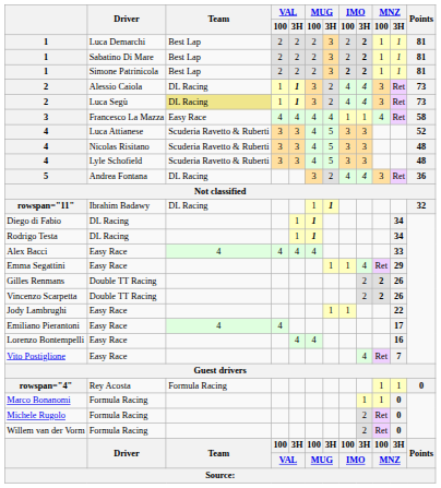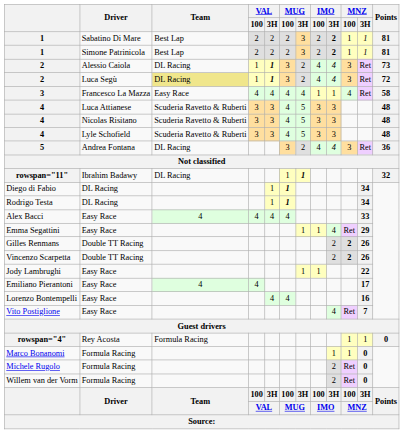 <table class="wikitable" style="font-size:85%; vertical-align:top; text-align:center">
 <tr>
 <th rowspan="2"></th>
 <th rowspan="2">Driver</th>
 <th rowspan="2">Team</th>
 <th colspan="2"><a href='#'>VAL</a><br></th>
 <th colspan="2"><a href='#'>MUG</a><br></th>
 <th colspan="2"><a href='#'>IMO</a><br></th>
 <th colspan="2"><a href='#'>MNZ</a><br></th>
 <th rowspan="2">Points</th>
 </tr>
 <tr>
 <th>100</th>
 <th>3H</th>
 <th>100</th>
 <th>3H</th>
 <th>100</th>
 <th>3H</th>
 <th>100</th>
 <th>3H</th>
 </tr>
 <tr>
 <th>1</th>
-<td style="text-align:left"> Luca Demarchi</td>
-<td style="text-align:left"> Best Lap</td>
-<td style="background:#DFDFDF">2</td>
-<td style="background:#DFDFDF">2</td>
-<td style="background:#DFDFDF">2</td>
-<td style="background:#FFDF9F">3</td>
-<td style="background:#DFDFDF">2</td>
-<td style="background:#DFDFDF"><strong>2</strong></td>
-<td style="background:#FFFFBF">1</td>
-<td style="background:#FFFFBF"><em>1</em></td>
-<th>81</th>
-</tr>
-<tr>
-<th>1</th>
 <td style="text-align:left"> Sabatino Di Mare</td>
 <td style="text-align:left"> Best Lap</td>
 <td style="background:#DFDFDF">2</td>
 <td style="background:#DFDFDF">2</td>
 <td style="background:#DFDFDF">2</td>
 <td style="background:#FFDF9F">3</td>
 <td style="background:#DFDFDF">2</td>
 <td style="background:#DFDFDF"><strong>2</strong></td>
 <td style="background:#FFFFBF">1</td>
 <td style="background:#FFFFBF"><em>1</em></td>
 <th>81</th>
 </tr>
 <tr>
 <th>1</th>
 <td style="text-align:left"> Simone Patrinicola</td>
 <td style="text-align:left"> Best Lap</td>
 <td style="background:#DFDFDF">2</td>
 <td style="background:#DFDFDF">2</td>
 <td style="background:#DFDFDF">2</td>
 <td style="background:#FFDF9F">3</td>
-<td style="background:#DFDFDF"><strong>2</strong></td>
+<td style="background:#DFDFDF">2</td>
 <td style="background:#DFDFDF"><strong>2</strong></td>
 <td style="background:#FFFFBF">1</td>
 <td style="background:#FFFFBF"><em>1</em></td>
 <th>81</th>
 </tr>
 <tr>
 <th>2</th>
 <td style="text-align:left"> Alessio Caiola</td>
 <td style="text-align:left"> DL Racing</td>
 <td style="background:#FFFFBF">1</td>
 <td style="background:#FFFFBF"><strong><em>1</em></strong></td>
 <td style="background:#FFDF9F">3</td>
 <td style="background:#DFDFDF">2</td>
 <td style="background:#DFFFDF">4</td>
 <td style="background:#DFFFDF"><em>4</em></td>
 <td style="background:#FFDF9F">3</td>
 <td style="background:#EFCFFF">Ret</td>
 <th>73</th>
 </tr>
 <tr>
 <th>2</th>
 <td style="text-align:left"> Luca Segù</td>
 <td style="background: khaki; text-align:left"> DL Racing</td>
 <td style="background:#FFFFBF">1</td>
 <td style="background:#FFFFBF"><strong><em>1</em></strong></td>
 <td style="background:#FFDF9F">3</td>
 <td style="background:#DFDFDF">2</td>
 <td style="background:#DFFFDF">4</td>
 <td style="background:#DFFFDF"><em>4</em></td>
 <td style="background:#FFDF9F">3</td>
 <td style="background:#EFCFFF">Ret</td>
-<th>73</th>
+<th>72</th>
 </tr>
 <tr>
 <th>3</th>
 <td style="text-align:left"> Francesco La Mazza</td>
 <td style="text-align:left"> Easy Race</td>
 <td style="background:#DFFFDF">4</td>
 <td style="background:#DFFFDF">4</td>
 <td style="background:#DFFFDF">4</td>
 <td style="background:#DFFFDF">4</td>
 <td style="background:#FFFFBF">1</td>
 <td style="background:#FFFFBF">1</td>
 <td style="background:#DFFFDF">4</td>
 <td style="background:#EFCFFF">Ret</td>
 <th>58</th>
 </tr>
 <tr>
 <th>4</th>
 <td style="text-align:left"> Luca Attianese</td>
 <td style="text-align:left"> Scuderia Ravetto & Ruberti</td>
 <td style="background:#FFDF9F">3</td>
 <td style="background:#FFDF9F">3</td>
 <td style="background:#DFFFDF">4</td>
 <td style="background:#DFFFDF">5</td>
 <td style="background:#FFDF9F">3</td>
 <td style="background:#FFDF9F">3</td>
 <td style="background:#"></td>
 <td style="background:#"></td>
-<th>52</th>
+<th>48</th>
 </tr>
 <tr>
 <th>4</th>
 <td style="text-align:left"> Nicolas Risitano</td>
 <td style="text-align:left"> Scuderia Ravetto & Ruberti</td>
 <td style="background:#FFDF9F">3</td>
 <td style="background:#FFDF9F">3</td>
 <td style="background:#DFFFDF">4</td>
 <td style="background:#DFFFDF">5</td>
 <td style="background:#FFDF9F">3</td>
 <td style="background:#FFDF9F">3</td>
 <td style="background:#"></td>
 <td style="background:#"></td>
 <th>48</th>
 </tr>
 <tr>
 <th>4</th>
 <td style="text-align:left"> Lyle Schofield</td>
 <td style="text-align:left"> Scuderia Ravetto & Ruberti</td>
 <td style="background:#FFDF9F">3</td>
 <td style="background:#FFDF9F">3</td>
 <td style="background:#DFFFDF">4</td>
 <td style="background:#DFFFDF">5</td>
 <td style="background:#FFDF9F">3</td>
 <td style="background:#FFDF9F">3</td>
 <td style="background:#"></td>
 <td style="background:#"></td>
 <th>48</th>
 </tr>
 <tr>
 <th>5</th>
 <td style="text-align:left"> Andrea Fontana</td>
 <td style="text-align:left"> DL Racing</td>
 <td style="background:#"></td>
 <td style="background:#"></td>
 <td style="background:#FFDF9F">3</td>
 <td style="background:#DFDFDF">2</td>
 <td style="background:#DFFFDF">4</td>
 <td style="background:#DFFFDF"><em>4</em></td>
 <td style="background:#FFDF9F">3</td>
 <td style="background:#EFCFFF">Ret</td>
 <th>36</th>
 </tr>
 <tr>
 <th colspan="12">Not classified</th>
 </tr>
 <tr>
 <th>rowspan="11" </th>
 <td style="text-align:left"> Ibrahim Badawy</td>
 <td style="text-align:left"> DL Racing</td>
 <td style="background:#"></td>
 <td style="background:#"></td>
 <td style="background:#FFFFBF">1</td>
 <td style="background:#FFFFBF"><strong><em>1</em></strong></td>
 <td style="background:#"></td>
 <td style="background:#"></td>
 <td style="background:#"></td>
 <td style="background:#"></td>
 <th>32</th>
 </tr>
 <tr>
 <td style="text-align:left"> Diego di Fabio</td>
 <td style="text-align:left"> DL Racing</td>
 <td style="background:#"></td>
 <td style="background:#"></td>
 <td style="background:#FFFFBF">1</td>
 <td style="background:#FFFFBF"><strong><em>1</em></strong></td>
 <td style="background:#"></td>
 <td style="background:#"></td>
 <td style="background:#"></td>
 <td style="background:#"></td>
 <th>34</th>
 </tr>
 <tr>
 <td style="text-align:left"> Rodrigo Testa</td>
 <td style="text-align:left"> DL Racing</td>
 <td style="background:#"></td>
 <td style="background:#"></td>
 <td style="background:#FFFFBF">1</td>
 <td style="background:#FFFFBF"><strong><em>1</em></strong></td>
 <td style="background:#"></td>
 <td style="background:#"></td>
 <td style="background:#"></td>
 <td style="background:#"></td>
 <th>34</th>
 </tr>
 <tr>
 <td style="text-align:left"> Alex Bacci</td>
 <td style="text-align:left"> Easy Race</td>
 <td style="background:#DFFFDF">4</td>
 <td style="background:#DFFFDF">4</td>
 <td style="background:#DFFFDF">4</td>
 <td style="background:#DFFFDF">4</td>
 <td style="background:#"></td>
 <td style="background:#"></td>
 <td style="background:#"></td>
 <td style="background:#"></td>
 <th>33</th>
 </tr>
 <tr>
 <td style="text-align:left"> Emma Segattini</td>
 <td style="text-align:left"> Easy Race</td>
 <td style="background:#"></td>
 <td style="background:#"></td>
 <td style="background:#"></td>
 <td style="background:#"></td>
 <td style="background:#FFFFBF">1</td>
 <td style="background:#FFFFBF">1</td>
 <td style="background:#DFFFDF">4</td>
 <td style="background:#EFCFFF">Ret</td>
 <th>29</th>
 </tr>
 <tr>
 <td style="text-align:left"> Gilles Renmans</td>
 <td style="text-align:left"> Double TT Racing</td>
 <td style="background:#"></td>
 <td style="background:#"></td>
 <td style="background:#"></td>
 <td style="background:#"></td>
 <td style="background:#"></td>
 <td style="background:#"></td>
 <td style="background:#DFDFDF">2</td>
 <td style="background:#DFDFDF"><strong>2</strong></td>
 <th>26</th>
 </tr>
 <tr>
 <td style="text-align:left"> Vincenzo Scarpetta</td>
 <td style="text-align:left"> Double TT Racing</td>
 <td style="background:#"></td>
 <td style="background:#"></td>
 <td style="background:#"></td>
 <td style="background:#"></td>
 <td style="background:#"></td>
 <td style="background:#"></td>
 <td style="background:#DFDFDF">2</td>
 <td style="background:#DFDFDF"><strong>2</strong></td>
 <th>26</th>
 </tr>
 <tr>
 <td style="text-align:left"> Jody Lambrughi</td>
 <td style="text-align:left"> Easy Race</td>
 <td style="background:#"></td>
 <td style="background:#"></td>
 <td style="background:#"></td>
 <td style="background:#"></td>
 <td style="background:#FFFFBF">1</td>
 <td style="background:#FFFFBF">1</td>
 <td style="background:#"></td>
 <td style="background:#"></td>
 <th>22</th>
 </tr>
 <tr>
 <td style="text-align:left"> Emiliano Pierantoni</td>
 <td style="text-align:left"> Easy Race</td>
 <td style="background:#DFFFDF">4</td>
 <td style="background:#DFFFDF">4</td>
 <td style="background:#"></td>
 <td style="background:#"></td>
 <td style="background:#"></td>
 <td style="background:#"></td>
 <td style="background:#"></td>
 <td style="background:#"></td>
 <th>17</th>
 </tr>
 <tr>
 <td style="text-align:left"> Lorenzo Bontempelli</td>
 <td style="text-align:left"> Easy Race</td>
 <td style="background:#"></td>
 <td style="background:#"></td>
 <td style="background:#DFFFDF">4</td>
 <td style="background:#DFFFDF">4</td>
 <td style="background:#"></td>
 <td style="background:#"></td>
 <td style="background:#"></td>
 <td style="background:#"></td>
 <th>16</th>
 </tr>
 <tr>
 <td style="text-align:left"> <a href='#'>Vito Postiglione</a></td>
 <td style="text-align:left"> Easy Race</td>
 <td style="background:#"></td>
 <td style="background:#"></td>
 <td style="background:#"></td>
 <td style="background:#"></td>
 <td style="background:#"></td>
 <td style="background:#"></td>
 <td style="background:#DFFFDF">4</td>
 <td style="background:#EFCFFF">Ret</td>
 <th>7</th>
 </tr>
 <tr>
 <th colspan="12">Guest drivers</th>
 </tr>
 <tr>
 <th>rowspan="4" </th>
 <td style="text-align:left"> Rey Acosta</td>
 <td style="text-align:left"> Formula Racing</td>
 <td style="background:#"></td>
 <td style="background:#"></td>
 <td style="background:#"></td>
 <td style="background:#"></td>
 <td style="background:#"></td>
 <td style="background:#"></td>
 <td style="background:#FFFFBF">1</td>
 <td style="background:#FFFFBF">1</td>
 <th>0</th>
 </tr>
 <tr>
 <td style="text-align:left"> <a href='#'>Marco Bonanomi</a></td>
 <td style="text-align:left"> Formula Racing</td>
 <td style="background:#"></td>
 <td style="background:#"></td>
 <td style="background:#"></td>
 <td style="background:#"></td>
 <td style="background:#"></td>
 <td style="background:#"></td>
 <td style="background:#FFFFBF">1</td>
 <td style="background:#FFFFBF">1</td>
 <th>0</th>
 </tr>
 <tr>
 <td style="text-align:left"> <a href='#'>Michele Rugolo</a></td>
 <td style="text-align:left"> Formula Racing</td>
 <td style="background:#"></td>
 <td style="background:#"></td>
 <td style="background:#"></td>
 <td style="background:#"></td>
 <td style="background:#"></td>
 <td style="background:#"></td>
 <td style="background:#DFDFDF">2</td>
 <td style="background:#EFCFFF">Ret</td>
 <th>0</th>
 </tr>
 <tr>
 <td style="text-align:left"> Willem van der Vorm</td>
 <td style="text-align:left"> Formula Racing</td>
 <td style="background:#"></td>
 <td style="background:#"></td>
 <td style="background:#"></td>
 <td style="background:#"></td>
 <td style="background:#"></td>
 <td style="background:#"></td>
 <td style="background:#DFDFDF">2</td>
 <td style="background:#EFCFFF">Ret</td>
 <th>0</th>
 </tr>
 <tr>
 <th rowspan="2"></th>
 <th rowspan="2">Driver</th>
 <th rowspan="2">Team</th>
 <th>100</th>
 <th>3H</th>
 <th>100</th>
 <th>3H</th>
 <th>100</th>
 <th>3H</th>
 <th>100</th>
 <th>3H</th>
 <th rowspan="2">Points</th>
 </tr>
 <tr>
 <th colspan="2"><a href='#'>VAL</a><br></th>
 <th colspan="2"><a href='#'>MUG</a><br></th>
 <th colspan="2"><a href='#'>IMO</a><br></th>
 <th colspan="2"><a href='#'>MNZ</a><br></th>
 </tr>
 <tr>
 <th colspan="12">Source:</th>
 </tr>
 </table>
